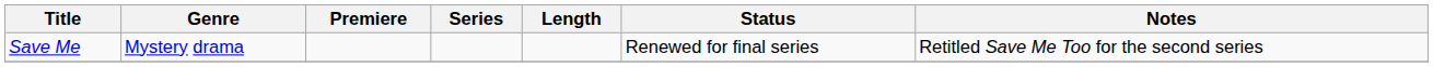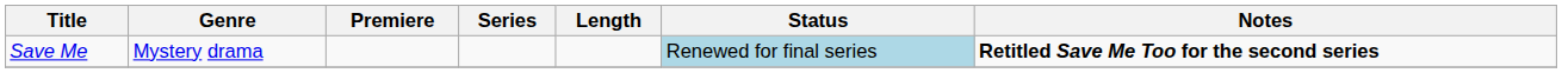 <table class="wikitable sortable" style="width:100%;">
 <tr>
 <th>Title</th>
 <th>Genre</th>
 <th>Premiere</th>
 <th>Series</th>
 <th>Length</th>
 <th>Status</th>
 <th>Notes</th>
 </tr>
 <tr>
 <td><em><a href='#'>Save Me</a></em></td>
 <td><a href='#'>Mystery</a> <a href='#'>drama</a></td>
 <td></td>
 <td></td>
 <td></td>
-<td>Renewed for final series</td>
-<td>Retitled <em>Save Me Too</em> for the second series</td>
+<td style="background: lightblue;">Renewed for final series</td>
+<td><strong>Retitled <em>Save Me Too</em> for the second series</strong></td>
 </tr>
 <tr>
 </tr>
 <tr>
 </tr>
 </table>
